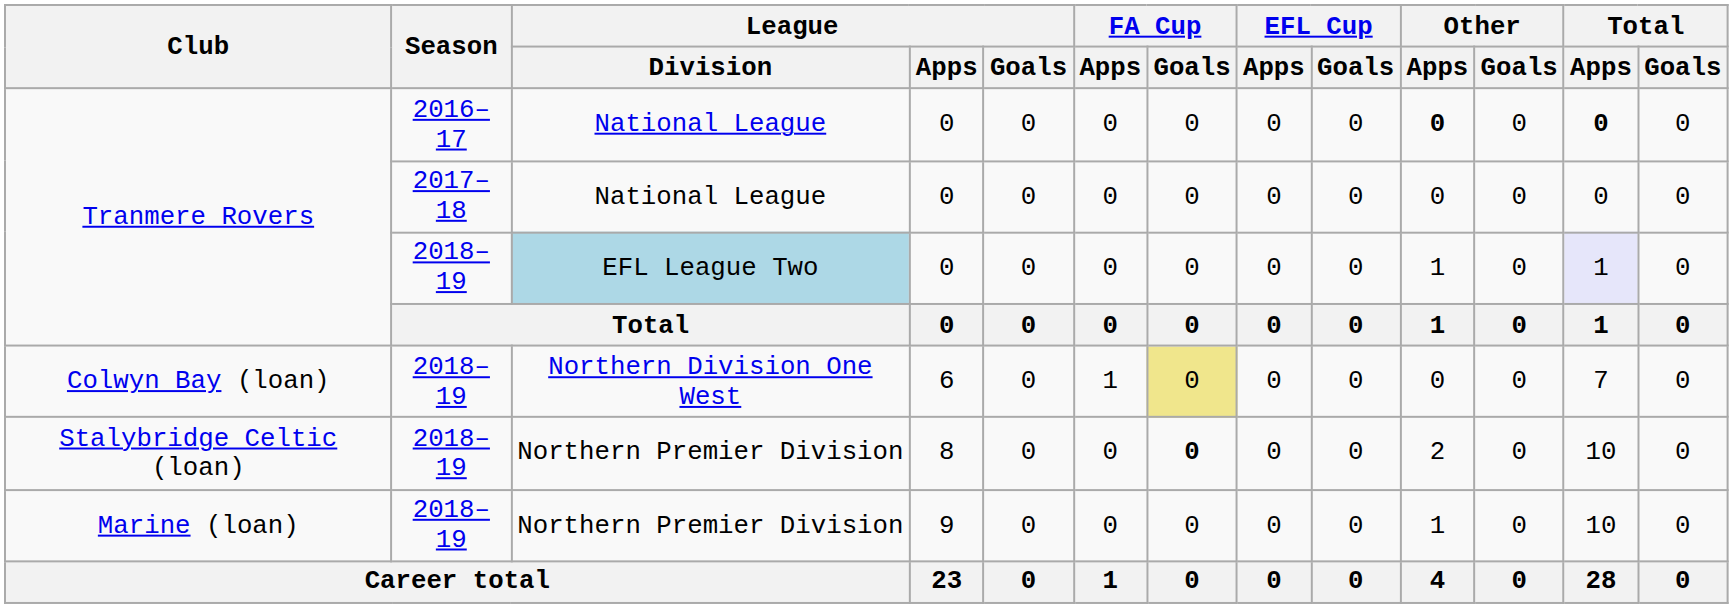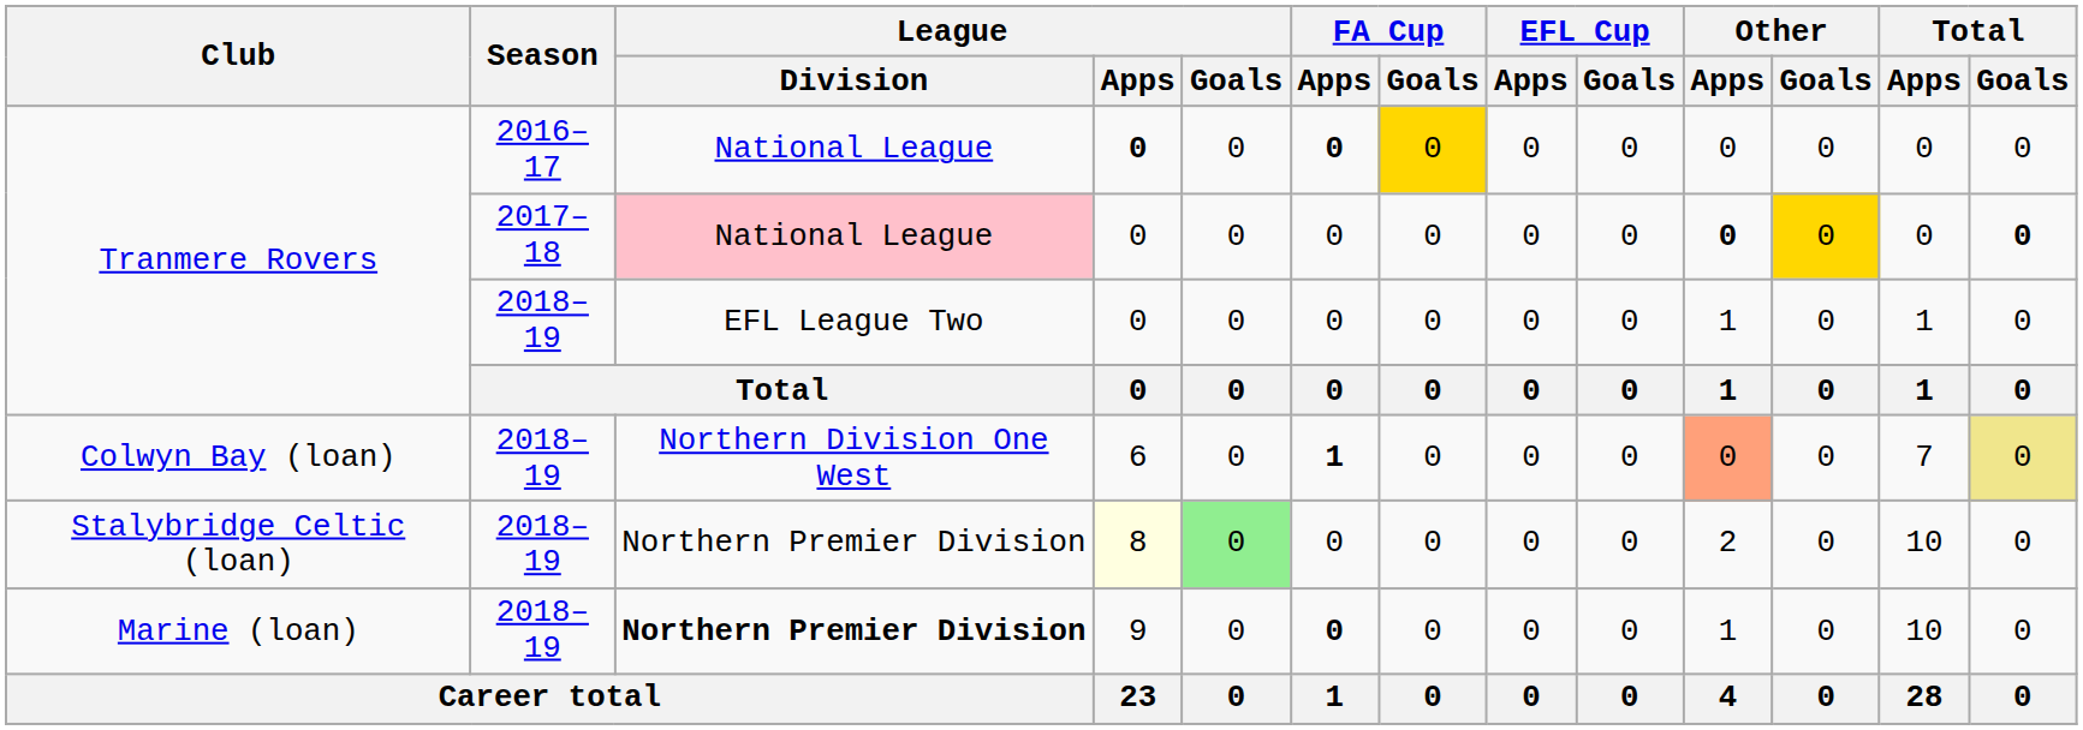 <table class="wikitable" style="text-align:center;">
 <tr>
 <th rowspan="2">Club</th>
 <th rowspan="2">Season</th>
 <th colspan="3">League</th>
 <th colspan="2"><a href='#'>FA Cup</a></th>
 <th colspan="2"><a href='#'>EFL Cup</a></th>
 <th colspan="2">Other</th>
 <th colspan="2">Total</th>
 </tr>
 <tr>
 <th>Division</th>
 <th>Apps</th>
 <th>Goals</th>
 <th>Apps</th>
 <th>Goals</th>
 <th>Apps</th>
 <th>Goals</th>
 <th>Apps</th>
 <th>Goals</th>
 <th>Apps</th>
 <th>Goals</th>
 </tr>
 <tr>
 <td rowspan=4><a href='#'>Tranmere Rovers</a></td>
 <td><a href='#'>2016–17</a></td>
 <td><a href='#'>National League</a></td>
-<td>0</td>
-<td>0</td>
-<td>0</td>
-<td>0</td>
-<td>0</td>
-<td>0</td>
 <td><strong>0</strong></td>
 <td>0</td>
 <td><strong>0</strong></td>
-<td>0</td>
-</tr>
-<tr>
-<td><a href='#'>2017–18</a></td>
-<td>National League</td>
-<td>0</td>
-<td>0</td>
-<td>0</td>
-<td>0</td>
+<td style="background: gold;">0</td>
 <td>0</td>
 <td>0</td>
 <td>0</td>
 <td>0</td>
 <td>0</td>
 <td>0</td>
 </tr>
 <tr>
+<td><a href='#'>2017–18</a></td>
+<td style="background: pink;">National League</td>
+<td>0</td>
+<td>0</td>
+<td>0</td>
+<td>0</td>
+<td>0</td>
+<td>0</td>
+<td><strong>0</strong></td>
+<td style="background: gold;">0</td>
+<td>0</td>
+<td><strong>0</strong></td>
+</tr>
+<tr>
 <td><a href='#'>2018–19</a></td>
-<td style="background: lightblue;">EFL League Two</td>
+<td>EFL League Two</td>
 <td>0</td>
 <td>0</td>
 <td>0</td>
 <td>0</td>
 <td>0</td>
 <td>0</td>
 <td>1</td>
 <td>0</td>
-<td style="background: lavender;">1</td>
+<td>1</td>
 <td>0</td>
 </tr>
 <tr>
 <th colspan="2">Total</th>
 <th>0</th>
 <th>0</th>
 <th>0</th>
 <th>0</th>
 <th>0</th>
 <th>0</th>
 <th>1</th>
 <th>0</th>
 <th>1</th>
 <th>0</th>
 </tr>
 <tr>
 <td><a href='#'>Colwyn Bay</a> (loan)</td>
 <td><a href='#'>2018–19</a></td>
 <td><a href='#'>Northern Division One West</a></td>
 <td>6</td>
 <td>0</td>
-<td>1</td>
-<td style="background: khaki;">0</td>
+<td><strong>1</strong></td>
 <td>0</td>
 <td>0</td>
 <td>0</td>
+<td style="background: lightsalmon;">0</td>
 <td>0</td>
 <td>7</td>
-<td>0</td>
+<td style="background: khaki;">0</td>
 </tr>
 <tr>
 <td><a href='#'>Stalybridge Celtic</a> (loan)</td>
 <td><a href='#'>2018–19</a></td>
 <td>Northern Premier Division</td>
-<td>8</td>
+<td style="background: lightyellow;">8</td>
+<td style="background: lightgreen;">0</td>
 <td>0</td>
 <td>0</td>
-<td><strong>0</strong></td>
 <td>0</td>
 <td>0</td>
 <td>2</td>
 <td>0</td>
 <td>10</td>
 <td>0</td>
 </tr>
 <tr>
 <td><a href='#'>Marine</a> (loan)</td>
 <td><a href='#'>2018–19</a></td>
-<td>Northern Premier Division</td>
+<td><strong>Northern Premier Division</strong></td>
 <td>9</td>
 <td>0</td>
-<td>0</td>
+<td><strong>0</strong></td>
 <td>0</td>
 <td>0</td>
 <td>0</td>
 <td>1</td>
 <td>0</td>
 <td>10</td>
 <td>0</td>
 </tr>
 <tr>
 <th colspan="3">Career total</th>
 <th>23</th>
 <th>0</th>
 <th>1</th>
 <th>0</th>
 <th>0</th>
 <th>0</th>
 <th>4</th>
 <th>0</th>
 <th>28</th>
 <th>0</th>
 </tr>
 </table>
